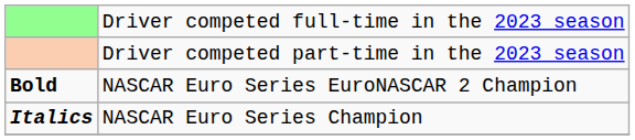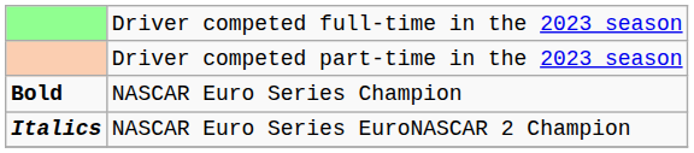 <table class="wikitable">
 <tr>
 <td width=40px align=center style="background-color:#90ff90"></td>
 <td>Driver competed full-time in the <a href='#'>2023 season</a></td>
 </tr>
 <tr>
 <td width=40px align=center style="background-color:#FBCEB1"></td>
 <td>Driver competed part-time in the <a href='#'>2023 season</a></td>
 </tr>
 <tr>
 <td><strong>Bold</strong></td>
-<td>NASCAR Euro Series EuroNASCAR 2 Champion</td>
+<td>NASCAR Euro Series Champion</td>
 </tr>
 <tr>
 <td><strong><em>Italics</em></strong></td>
-<td>NASCAR Euro Series Champion</td>
+<td>NASCAR Euro Series EuroNASCAR 2 Champion</td>
 </tr>
 <tr>
 </tr>
 </table>
